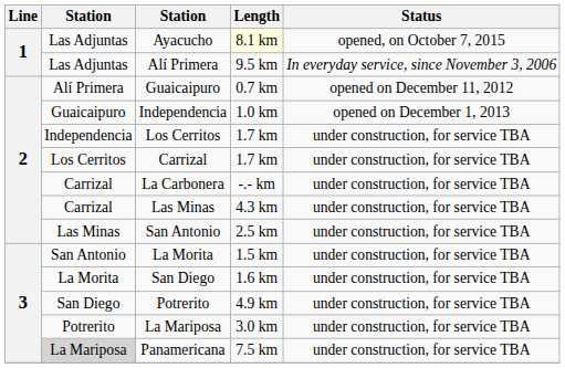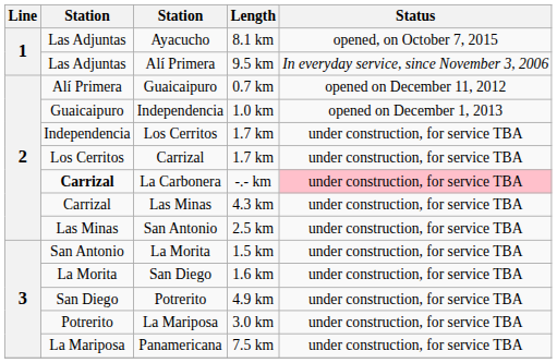 <table class=wikitable>
 <tr>
 <th>Line</th>
 <th>Station</th>
 <th>Station</th>
 <th>Length</th>
 <th>Status</th>
 </tr>
 <tr align="center">
 <th rowspan=2><big><span><strong>1</strong></span></big></th>
 <td>Las Adjuntas</td>
 <td>Ayacucho</td>
-<td style="background: lightyellow;">8.1 km</td>
+<td>8.1 km</td>
 <td>opened, on October 7, 2015</td>
 </tr>
 <tr align="center">
 <td>Las Adjuntas</td>
 <td>Alí Primera</td>
 <td>9.5 km</td>
 <td><em>In everyday service, since November 3, 2006</em></td>
 </tr>
 <tr align="center">
 <th rowspan=7><big><span><strong>2</strong></span></big></th>
 <td>Alí Primera</td>
 <td>Guaicaipuro</td>
 <td>0.7 km</td>
 <td>opened on December 11, 2012</td>
 </tr>
 <tr align="center">
 <td>Guaicaipuro</td>
 <td>Independencia</td>
 <td>1.0 km</td>
 <td>opened on December 1, 2013</td>
 </tr>
 <tr align="center">
 <td>Independencia</td>
 <td>Los Cerritos</td>
 <td>1.7 km</td>
 <td>under construction, for service TBA</td>
 </tr>
 <tr align="center">
 <td>Los Cerritos</td>
 <td>Carrizal</td>
 <td>1.7 km</td>
 <td>under construction, for service TBA</td>
 </tr>
 <tr align="center">
-<td>Carrizal</td>
+<td><strong>Carrizal</strong></td>
 <td>La Carbonera</td>
 <td>-.- km</td>
-<td>under construction, for service TBA</td>
+<td style="background: pink;">under construction, for service TBA</td>
 </tr>
 <tr align="center">
 <td>Carrizal</td>
 <td>Las Minas</td>
 <td>4.3 km</td>
 <td>under construction, for service TBA</td>
 </tr>
 <tr align="center">
 <td>Las Minas</td>
 <td>San Antonio</td>
 <td>2.5 km</td>
 <td>under construction, for service TBA</td>
 </tr>
 <tr align="center">
 <th rowspan=5><big><span><strong>3</strong></span></big></th>
 <td>San Antonio</td>
 <td>La Morita</td>
 <td>1.5 km</td>
 <td>under construction, for service TBA</td>
 </tr>
 <tr align="center">
 <td>La Morita</td>
 <td>San Diego</td>
 <td>1.6 km</td>
 <td>under construction, for service TBA</td>
 </tr>
 <tr align="center">
 <td>San Diego</td>
 <td>Potrerito</td>
 <td>4.9 km</td>
 <td>under construction, for service TBA</td>
 </tr>
 <tr align="center">
 <td>Potrerito</td>
 <td>La Mariposa</td>
 <td>3.0 km</td>
 <td>under construction, for service TBA</td>
 </tr>
 <tr align="center">
-<td style="background: lightgrey;">La Mariposa</td>
+<td>La Mariposa</td>
 <td>Panamericana</td>
 <td>7.5 km</td>
 <td>under construction, for service TBA</td>
 </tr>
 <tr align="center">
 </tr>
 </table>
